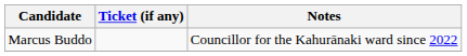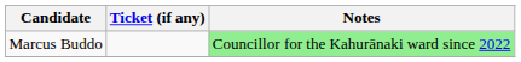 <table class="wikitable" style="font-size: 95%">
 <tr>
 <th>Candidate</th>
 <th><a href='#'>Ticket</a> (if any)</th>
 <th>Notes</th>
 </tr>
 <tr>
 <td>Marcus Buddo</td>
 <td></td>
-<td>Councillor for the Kahurānaki ward since <a href='#'>2022</a></td>
+<td style="background: lightgreen;">Councillor for the Kahurānaki ward since <a href='#'>2022</a></td>
 </tr>
 <tr>
 </tr>
 </table>
